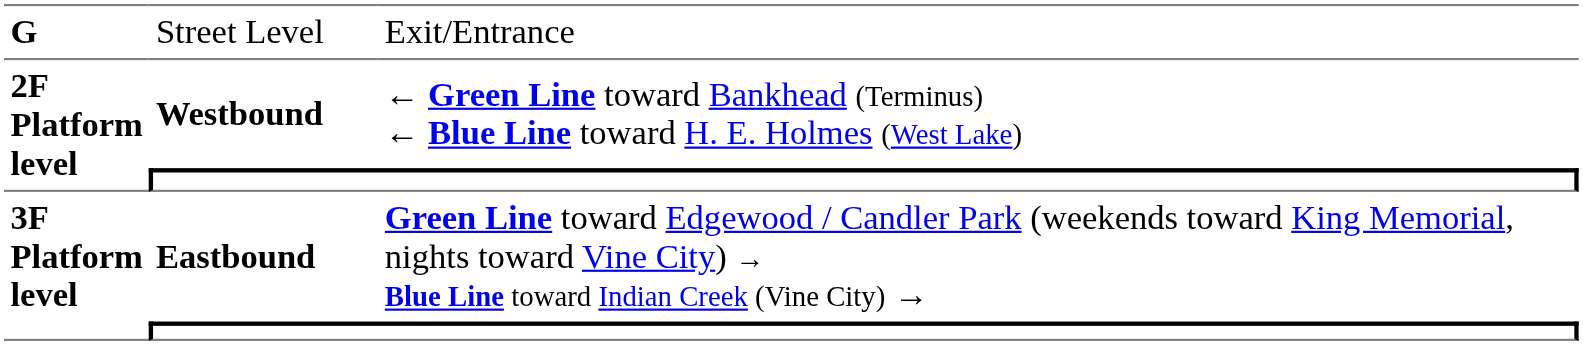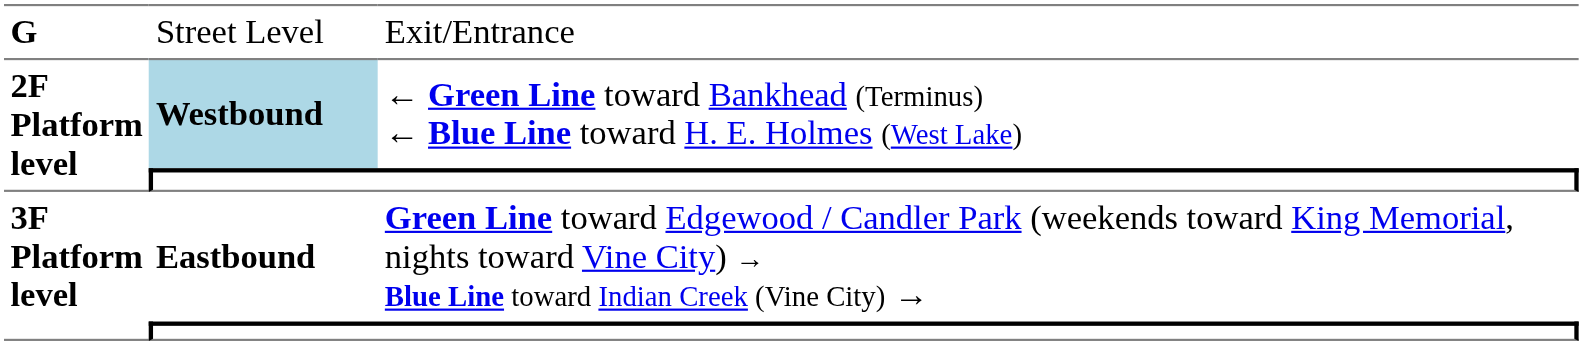 <table table border=0 cellspacing=0 cellpadding=3>
 <tr>
 <td style="border-top:solid 1px gray;" width=50 valign=top><strong>G</strong></td>
 <td style="border-top:solid 1px gray;" width=100 valign=top>Street Level</td>
 <td style="border-top:solid 1px gray;" width=400 valign=top>Exit/Entrance</td>
 </tr>
 <tr>
 <td style="border-top:solid 1px gray;border-bottom:solid 1px gray;" width=50 rowspan=2 valign=top><strong>2F<br>Platform level</strong></td>
-<td style="border-top:solid 1px gray;" width=100><strong>Westbound</strong></td>
+<td style="background: lightblue; border-top:solid 1px gray;" width=100><strong>Westbound</strong></td>
 <td style="border-top:solid 1px gray;" width=550>← <a href='#'><span><strong>Green Line</strong></span></a> toward <a href='#'>Bankhead</a> <small>(Terminus)</small><br>← <a href='#'><span><strong>Blue Line</strong></span></a> toward <a href='#'>H. E. Holmes</a> <small>(<a href='#'>West Lake</a>)</small></td>
 </tr>
 <tr>
 <td style="border-top:solid 2px black;border-right:solid 2px black;border-left:solid 2px black;border-bottom:solid 1px gray;text-align:center;" colspan=2></td>
 </tr>
 <tr>
 <td style="border-bottom:solid 1px gray;" width=50 rowspan=2 valign=top><strong>3F<br>Platform level</strong></td>
 <td><strong>Eastbound</strong></td>
 <td> <a href='#'><span><strong>Green Line</strong></span></a> toward <a href='#'>Edgewood / Candler Park</a> (weekends toward <a href='#'>King Memorial</a>, nights toward <a href='#'>Vine City</a>) <small> →<br> <a href='#'><span><strong>Blue Line</strong></span></a> toward <a href='#'>Indian Creek</a> (Vine City)</small> →</td>
 </tr>
 <tr>
 <td style="border-top:solid 2px black;border-right:solid 2px black;border-left:solid 2px black;border-bottom:solid 1px gray;text-align:center;" colspan=2></td>
 </tr>
 </table>
